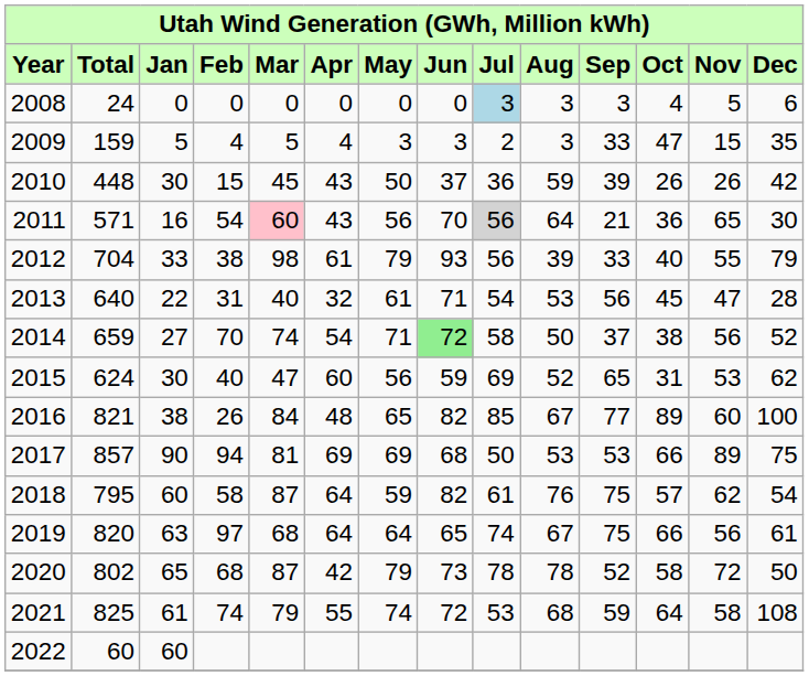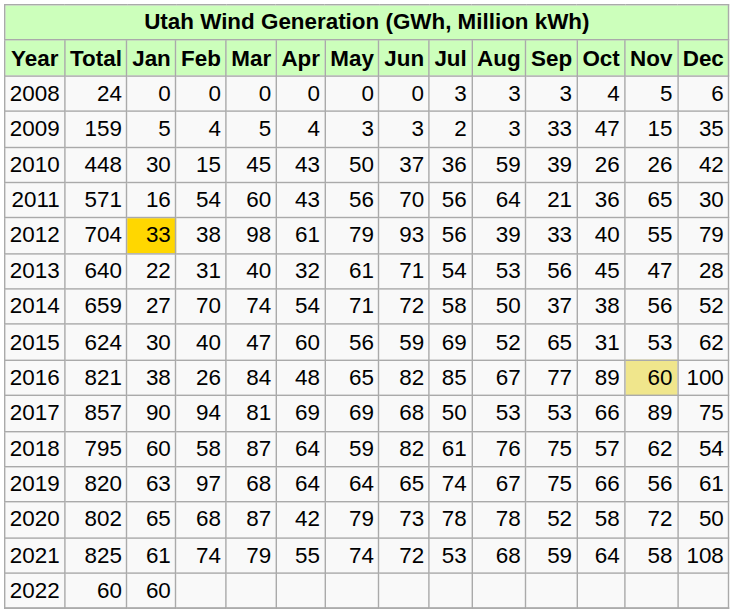 <table class="wikitable" style="text-align:right;">
 <tr>
 <th colspan="14" style="background:#cfb;">Utah Wind Generation (GWh, Million kWh)</th>
 </tr>
 <tr>
 <th style="background:#cfb;">Year</th>
 <th style="background:#cfb;">Total</th>
 <th style="background:#cfb;">Jan</th>
 <th style="background:#cfb;">Feb</th>
 <th style="background:#cfb;">Mar</th>
 <th style="background:#cfb;">Apr</th>
 <th style="background:#cfb;">May</th>
 <th style="background:#cfb;">Jun</th>
 <th style="background:#cfb;">Jul</th>
 <th style="background:#cfb;">Aug</th>
 <th style="background:#cfb;">Sep</th>
 <th style="background:#cfb;">Oct</th>
 <th style="background:#cfb;">Nov</th>
 <th style="background:#cfb;">Dec</th>
 </tr>
 <tr align=right>
 <td>2008</td>
 <td>24</td>
 <td>0</td>
 <td>0</td>
 <td>0</td>
 <td>0</td>
 <td>0</td>
 <td>0</td>
-<td style="background: lightblue;">3</td>
+<td>3</td>
 <td>3</td>
 <td>3</td>
 <td>4</td>
 <td>5</td>
 <td>6</td>
 </tr>
 <tr align=right>
 <td>2009</td>
 <td>159</td>
 <td>5</td>
 <td>4</td>
 <td>5</td>
 <td>4</td>
 <td>3</td>
 <td>3</td>
 <td>2</td>
 <td>3</td>
 <td>33</td>
 <td>47</td>
 <td>15</td>
 <td>35</td>
 </tr>
 <tr align=right>
 <td>2010</td>
 <td>448</td>
 <td>30</td>
 <td>15</td>
 <td>45</td>
 <td>43</td>
 <td>50</td>
 <td>37</td>
 <td>36</td>
 <td>59</td>
 <td>39</td>
 <td>26</td>
 <td>26</td>
 <td>42</td>
 </tr>
 <tr align=right>
 <td>2011</td>
 <td>571</td>
 <td>16</td>
 <td>54</td>
-<td style="background: pink;">60</td>
+<td>60</td>
 <td>43</td>
 <td>56</td>
 <td>70</td>
-<td style="background: lightgrey;">56</td>
+<td>56</td>
 <td>64</td>
 <td>21</td>
 <td>36</td>
 <td>65</td>
 <td>30</td>
 </tr>
 <tr align=right>
 <td>2012</td>
 <td>704</td>
-<td>33</td>
+<td style="background: gold;">33</td>
 <td>38</td>
 <td>98</td>
 <td>61</td>
 <td>79</td>
 <td>93</td>
 <td>56</td>
 <td>39</td>
 <td>33</td>
 <td>40</td>
 <td>55</td>
 <td>79</td>
 </tr>
 <tr align=right>
 <td>2013</td>
 <td>640</td>
 <td>22</td>
 <td>31</td>
 <td>40</td>
 <td>32</td>
 <td>61</td>
 <td>71</td>
 <td>54</td>
 <td>53</td>
 <td>56</td>
 <td>45</td>
 <td>47</td>
 <td>28</td>
 </tr>
 <tr align=right>
 <td>2014</td>
 <td>659</td>
 <td>27</td>
 <td>70</td>
 <td>74</td>
 <td>54</td>
 <td>71</td>
-<td style="background: lightgreen;">72</td>
+<td>72</td>
 <td>58</td>
 <td>50</td>
 <td>37</td>
 <td>38</td>
 <td>56</td>
 <td>52</td>
 </tr>
 <tr align=right>
 <td>2015</td>
 <td>624</td>
 <td>30</td>
 <td>40</td>
 <td>47</td>
 <td>60</td>
 <td>56</td>
 <td>59</td>
 <td>69</td>
 <td>52</td>
 <td>65</td>
 <td>31</td>
 <td>53</td>
 <td>62</td>
 </tr>
 <tr align=right>
 <td>2016</td>
 <td>821</td>
 <td>38</td>
 <td>26</td>
 <td>84</td>
 <td>48</td>
 <td>65</td>
 <td>82</td>
 <td>85</td>
 <td>67</td>
 <td>77</td>
 <td>89</td>
-<td>60</td>
+<td style="background: khaki;">60</td>
 <td>100</td>
 </tr>
 <tr align=right>
 <td>2017</td>
 <td>857</td>
 <td>90</td>
 <td>94</td>
 <td>81</td>
 <td>69</td>
 <td>69</td>
 <td>68</td>
 <td>50</td>
 <td>53</td>
 <td>53</td>
 <td>66</td>
 <td>89</td>
 <td>75</td>
 </tr>
 <tr align=right>
 <td>2018</td>
 <td>795</td>
 <td>60</td>
 <td>58</td>
 <td>87</td>
 <td>64</td>
 <td>59</td>
 <td>82</td>
 <td>61</td>
 <td>76</td>
 <td>75</td>
 <td>57</td>
 <td>62</td>
 <td>54</td>
 </tr>
 <tr align=right>
 <td>2019</td>
 <td>820</td>
 <td>63</td>
 <td>97</td>
 <td>68</td>
 <td>64</td>
 <td>64</td>
 <td>65</td>
 <td>74</td>
 <td>67</td>
 <td>75</td>
 <td>66</td>
 <td>56</td>
 <td>61</td>
 </tr>
 <tr align=right>
 <td>2020</td>
 <td>802</td>
 <td>65</td>
 <td>68</td>
 <td>87</td>
 <td>42</td>
 <td>79</td>
 <td>73</td>
 <td>78</td>
 <td>78</td>
 <td>52</td>
 <td>58</td>
 <td>72</td>
 <td>50</td>
 </tr>
 <tr align=right>
 <td>2021</td>
 <td>825</td>
 <td>61</td>
 <td>74</td>
 <td>79</td>
 <td>55</td>
 <td>74</td>
 <td>72</td>
 <td>53</td>
 <td>68</td>
 <td>59</td>
 <td>64</td>
 <td>58</td>
 <td>108</td>
 </tr>
 <tr align=right>
 <td>2022</td>
 <td>60</td>
 <td>60</td>
 <td></td>
 <td></td>
 <td></td>
 <td></td>
 <td></td>
 <td></td>
 <td></td>
 <td></td>
 <td></td>
 <td></td>
 <td></td>
 </tr>
 <tr align=right>
 </tr>
 </table>
